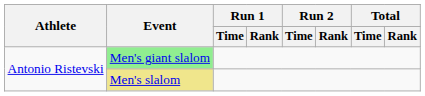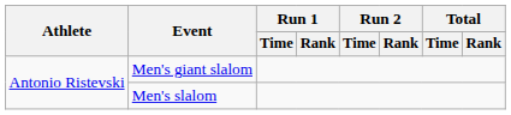 <table class="wikitable" style="font-size:90%">
 <tr>
 <th rowspan=2>Athlete</th>
 <th rowspan=2>Event</th>
 <th colspan=2>Run 1</th>
 <th colspan=2>Run 2</th>
 <th colspan=2>Total</th>
 </tr>
 <tr style="font-size:95%">
 <th>Time</th>
 <th>Rank</th>
 <th>Time</th>
 <th>Rank</th>
 <th>Time</th>
 <th>Rank</th>
 </tr>
 <tr align=center>
 <td align=left rowspan=2><a href='#'>Antonio Ristevski</a></td>
-<td align=left style="background: lightgreen;"><a href='#'>Men's giant slalom</a></td>
+<td align=left><a href='#'>Men's giant slalom</a></td>
 <td colspan=6></td>
 </tr>
 <tr align=center>
-<td align=left style="background: khaki;"><a href='#'>Men's slalom</a></td>
+<td align=left><a href='#'>Men's slalom</a></td>
 <td colspan=6></td>
 </tr>
 </table>
